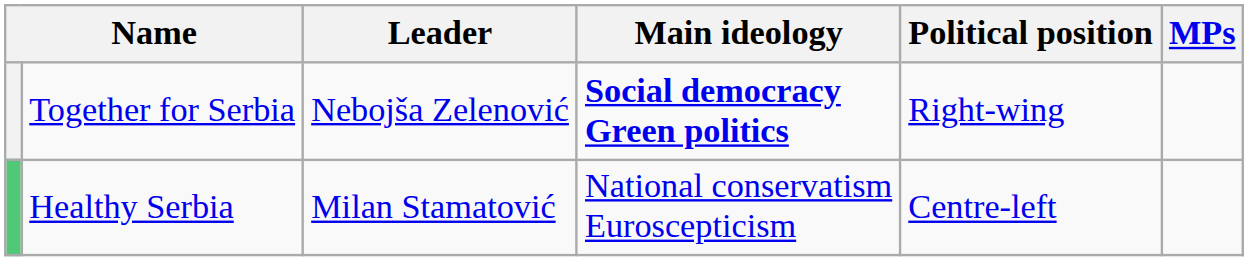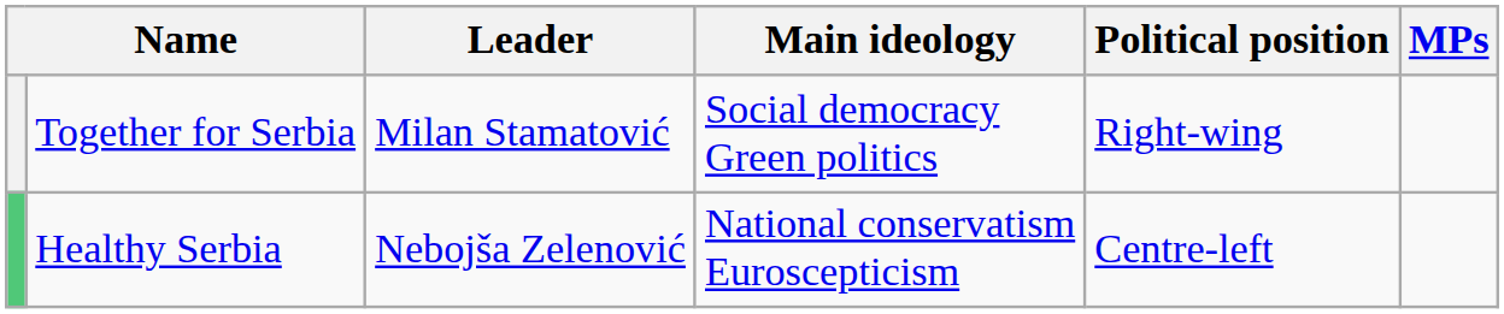 <table class="wikitable" style="text-align; font-size:90%;">
 <tr>
 <th colspan="2">Name</th>
 <th>Leader</th>
 <th>Main ideology</th>
 <th>Political position</th>
 <th><a href='#'>MPs</a> </th>
 </tr>
 <tr>
 <th style="background-color:"></th>
 <td><a href='#'>Together for Serbia</a><br></td>
-<td><a href='#'>Nebojša Zelenović</a></td>
-<td><strong><a href='#'>Social democracy</a><br><a href='#'>Green politics</a></strong></td>
+<td><a href='#'>Milan Stamatović</a></td>
+<td><a href='#'>Social democracy</a><br><a href='#'>Green politics</a></td>
 <td><a href='#'>Right-wing</a></td>
 <td></td>
 </tr>
 <tr>
 <th style="background-color: #50C878; color:white;"></th>
 <td><a href='#'>Healthy Serbia</a><br><small><em></em></small></td>
-<td><a href='#'>Milan Stamatović</a></td>
+<td><a href='#'>Nebojša Zelenović</a></td>
 <td><a href='#'>National conservatism</a><br><a href='#'>Euroscepticism</a></td>
 <td><a href='#'>Centre-left</a></td>
 <td></td>
 </tr>
 </table>
